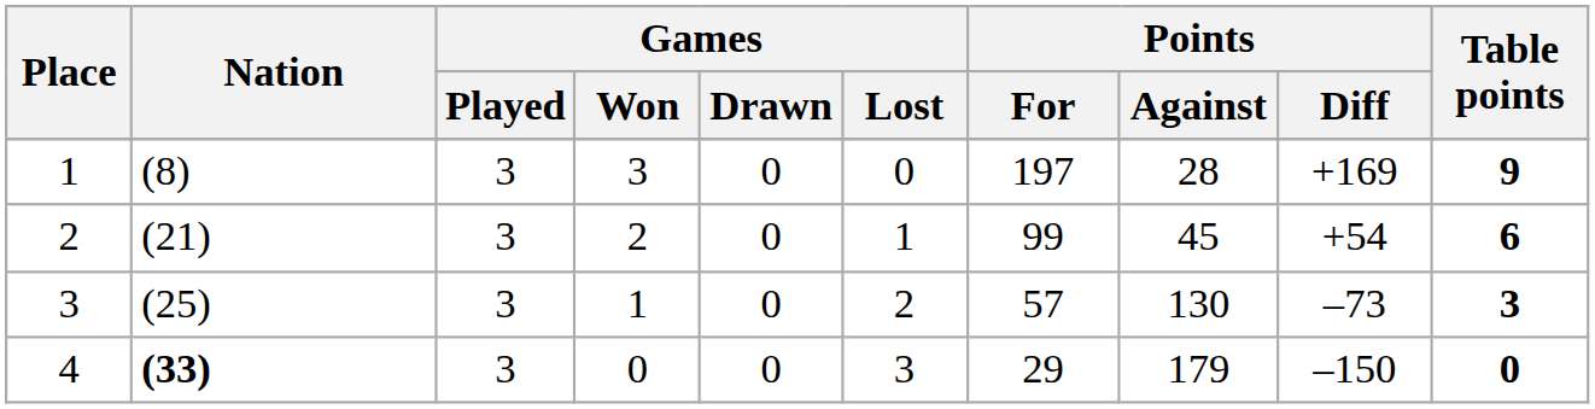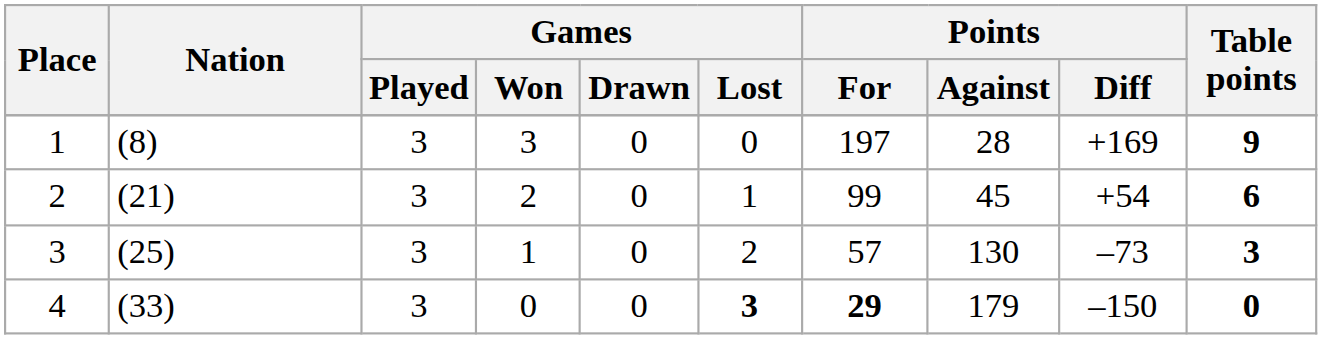 <table class="wikitable">
 <tr>
 <th rowspan=2 width="8%">Place</th>
 <th rowspan=2 width="20%">Nation</th>
 <th colspan=4 width="32%">Games</th>
 <th colspan=3 width="30%">Points</th>
 <th rowspan=2 width="10%">Table<br>points</th>
 </tr>
 <tr>
 <th width="8%">Played</th>
 <th width="8%">Won</th>
 <th width="8%">Drawn</th>
 <th width="8%">Lost</th>
 <th width="10%">For</th>
 <th width="10%">Against</th>
 <th width="10%">Diff</th>
 </tr>
 <tr>
 </tr>
 <tr bgcolor=#ffffff align=center>
 <td>1</td>
 <td align=left> (8)</td>
 <td>3</td>
 <td>3</td>
 <td>0</td>
 <td>0</td>
 <td>197</td>
 <td>28</td>
 <td>+169</td>
 <td><strong>9</strong></td>
 </tr>
 <tr bgcolor=#ffffff align=center>
 <td>2</td>
 <td align=left> (21)</td>
 <td>3</td>
 <td>2</td>
 <td>0</td>
 <td>1</td>
 <td>99</td>
 <td>45</td>
 <td>+54</td>
 <td><strong>6</strong></td>
 </tr>
 <tr bgcolor=#ffffff align=center>
 <td>3</td>
 <td align=left> (25)</td>
 <td>3</td>
 <td>1</td>
 <td>0</td>
 <td>2</td>
 <td>57</td>
 <td>130</td>
 <td>–73</td>
 <td><strong>3</strong></td>
 </tr>
 <tr bgcolor=#ffffff align=center>
 <td>4</td>
-<td align=left><strong> (33)</strong></td>
+<td align=left> (33)</td>
 <td>3</td>
 <td>0</td>
 <td>0</td>
-<td>3</td>
-<td>29</td>
+<td><strong>3</strong></td>
+<td><strong>29</strong></td>
 <td>179</td>
 <td>–150</td>
 <td><strong>0</strong></td>
 </tr>
 </table>
